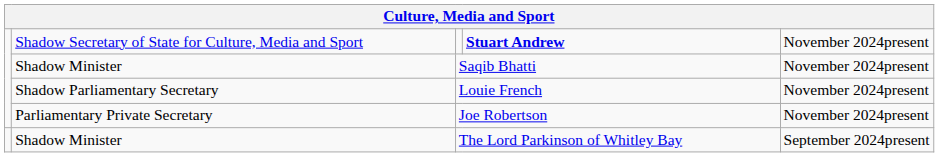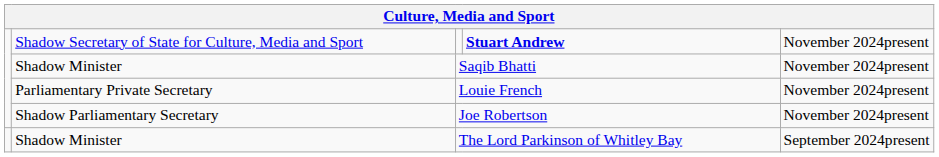 <table class="wikitable">
 <tr>
 <th colspan="5"><a href='#'>Culture, Media and Sport</a></th>
 </tr>
 <tr>
 <td rowspan="4" style="background: "></td>
 <td style="width: 450px;"><a href='#'>Shadow Secretary of State for Culture, Media and Sport</a></td>
 <td style="background: "></td>
 <td style="width: 320px;"><strong><a href='#'>Stuart Andrew</a></strong></td>
 <td>November 2024present</td>
 </tr>
 <tr>
 <td>Shadow Minister</td>
 <td colspan="2"><a href='#'>Saqib Bhatti</a></td>
 <td>November 2024present</td>
 </tr>
 <tr>
-<td>Shadow Parliamentary Secretary</td>
+<td>Parliamentary Private Secretary</td>
 <td colspan="2"><a href='#'>Louie French</a></td>
 <td>November 2024present</td>
 </tr>
 <tr>
-<td>Parliamentary Private Secretary</td>
+<td>Shadow Parliamentary Secretary</td>
 <td colspan="2"><a href='#'>Joe Robertson</a></td>
 <td>November 2024present</td>
 </tr>
 <tr>
 <td style="background: "></td>
 <td>Shadow Minister</td>
 <td colspan="2"><a href='#'>The Lord Parkinson of Whitley Bay</a></td>
 <td>September 2024present</td>
 </tr>
 </table>
